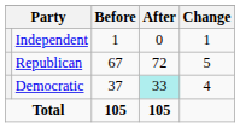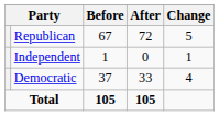 <table class="wikitable" style="text-align:center;">
 <tr>
 </tr>
 <tr>
 <th colspan=2>Party</th>
 <th>Before</th>
 <th>After</th>
 <th>Change</th>
 </tr>
 <tr>
 <th style="background-color:"></th>
+<td style="text-align:left;"><a href='#'>Republican</a></td>
+<td>67</td>
+<td>72</td>
+<td> 5</td>
+</tr>
+<tr>
+<th style="background-color:"></th>
 <td><a href='#'>Independent</a></td>
 <td>1</td>
 <td>0</td>
 <td> 1</td>
 </tr>
 <tr>
 <th style="background-color:"></th>
-<td style="text-align:left;"><a href='#'>Republican</a></td>
-<td>67</td>
-<td>72</td>
-<td> 5</td>
-</tr>
-<tr>
-<th style="background-color:"></th>
 <td style="text-align:left;"><a href='#'>Democratic</a></td>
 <td>37</td>
-<td style="background: paleturquoise;">33</td>
+<td>33</td>
 <td> 4</td>
 </tr>
 <tr>
 <td colspan=2><strong>Total</strong></td>
 <td><strong>105</strong></td>
 <td><strong>105</strong></td>
 <td></td>
 </tr>
 </table>
